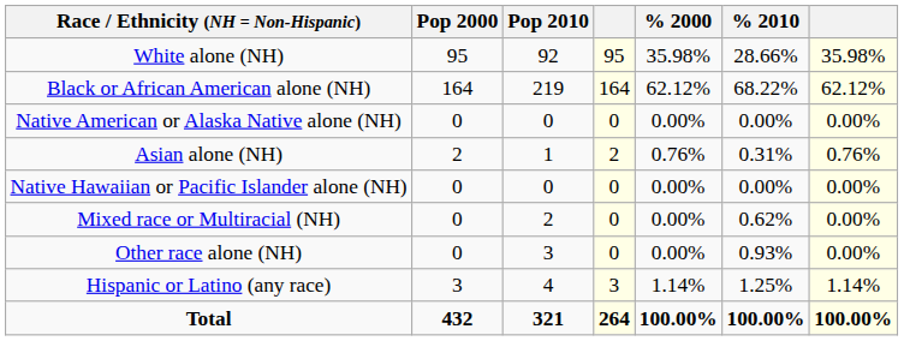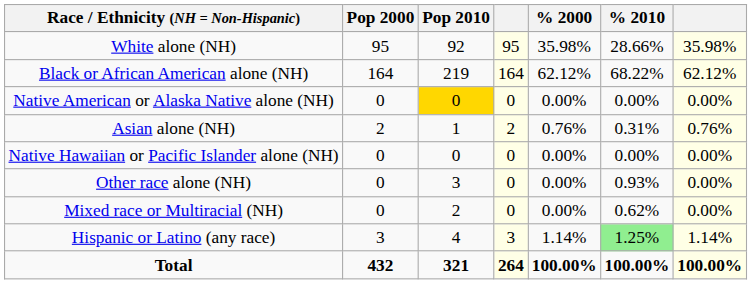 <table class="wikitable" style="text-align:center;">
 <tr>
 <th>Race / Ethnicity <small>(<em>NH = Non-Hispanic</em>)</small></th>
 <th>Pop 2000</th>
 <th>Pop 2010</th>
 <th></th>
 <th>% 2000</th>
 <th>% 2010</th>
 <th></th>
 </tr>
 <tr>
 <td><a href='#'>White</a> alone (NH)</td>
 <td>95</td>
 <td>92</td>
 <td style='background: #ffffe6;'>95</td>
 <td>35.98%</td>
 <td>28.66%</td>
 <td style='background: #ffffe6;'>35.98%</td>
 </tr>
 <tr>
 <td><a href='#'>Black or African American</a> alone (NH)</td>
 <td>164</td>
 <td>219</td>
 <td style='background: #ffffe6;'>164</td>
 <td>62.12%</td>
 <td>68.22%</td>
 <td style='background: #ffffe6;'>62.12%</td>
 </tr>
 <tr>
 <td><a href='#'>Native American</a> or <a href='#'>Alaska Native</a> alone (NH)</td>
 <td>0</td>
-<td>0</td>
+<td style="background: gold;">0</td>
 <td style='background: #ffffe6;'>0</td>
 <td>0.00%</td>
 <td>0.00%</td>
 <td style='background: #ffffe6;'>0.00%</td>
 </tr>
 <tr>
 <td><a href='#'>Asian</a> alone (NH)</td>
 <td>2</td>
 <td>1</td>
 <td style='background: #ffffe6;'>2</td>
 <td>0.76%</td>
 <td>0.31%</td>
 <td style='background: #ffffe6;'>0.76%</td>
 </tr>
 <tr>
 <td><a href='#'>Native Hawaiian</a> or <a href='#'>Pacific Islander</a> alone (NH)</td>
 <td>0</td>
 <td>0</td>
 <td style='background: #ffffe6;'>0</td>
 <td>0.00%</td>
 <td>0.00%</td>
 <td style='background: #ffffe6;'>0.00%</td>
 </tr>
 <tr>
+<td><a href='#'>Other race</a> alone (NH)</td>
+<td>0</td>
+<td>3</td>
+<td style='background: #ffffe6;'>0</td>
+<td>0.00%</td>
+<td>0.93%</td>
+<td style='background: #ffffe6;'>0.00%</td>
+</tr>
+<tr>
 <td><a href='#'>Mixed race or Multiracial</a> (NH)</td>
 <td>0</td>
 <td>2</td>
 <td style='background: #ffffe6;'>0</td>
 <td>0.00%</td>
 <td>0.62%</td>
 <td style='background: #ffffe6;'>0.00%</td>
 </tr>
 <tr>
-<td><a href='#'>Other race</a> alone (NH)</td>
-<td>0</td>
-<td>3</td>
-<td style='background: #ffffe6;'>0</td>
-<td>0.00%</td>
-<td>0.93%</td>
-<td style='background: #ffffe6;'>0.00%</td>
-</tr>
-<tr>
 <td><a href='#'>Hispanic or Latino</a> (any race)</td>
 <td>3</td>
 <td>4</td>
 <td style='background: #ffffe6;'>3</td>
 <td>1.14%</td>
-<td>1.25%</td>
+<td style="background: lightgreen;">1.25%</td>
 <td style='background: #ffffe6;'>1.14%</td>
 </tr>
 <tr>
 <td><strong>Total</strong></td>
 <td><strong>432</strong></td>
 <td><strong>321</strong></td>
 <td style='background: #ffffe6;'><strong>264</strong></td>
 <td><strong>100.00%</strong></td>
 <td><strong>100.00%</strong></td>
 <td style='background: #ffffe6;'><strong>100.00%</strong></td>
 </tr>
 </table>
